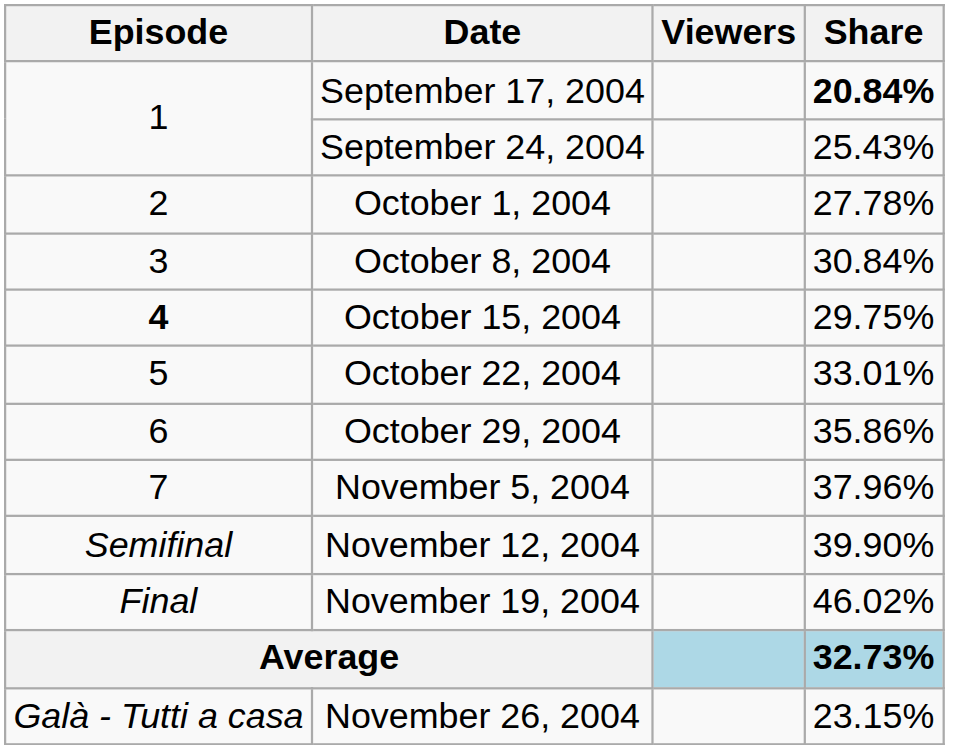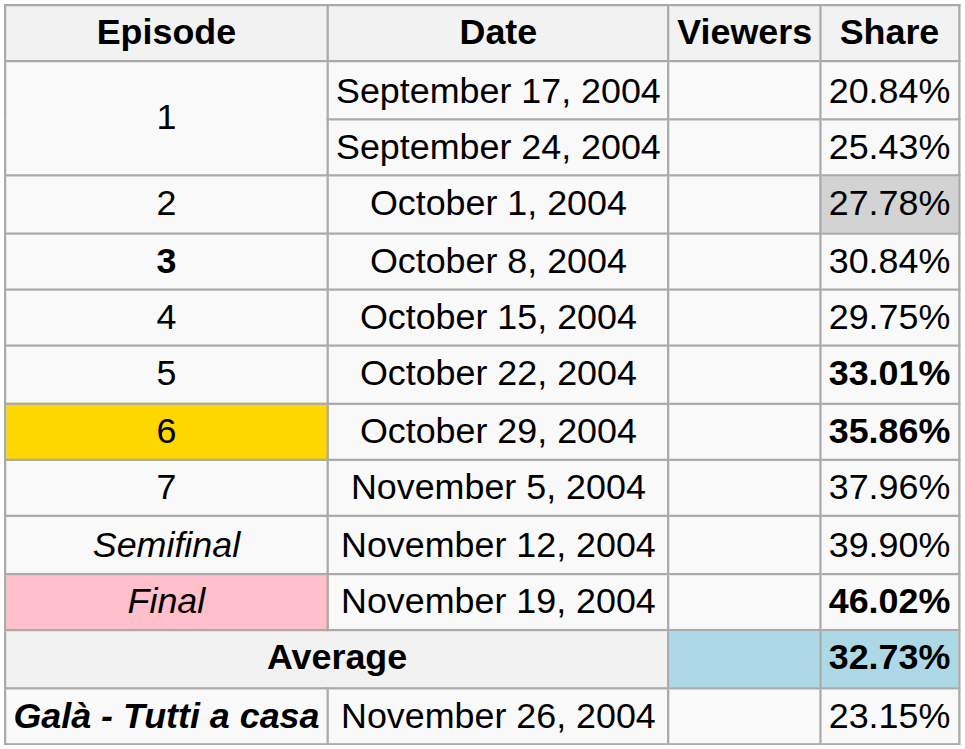 <table class="wikitable" style="text-align:center;">
 <tr>
 <th>Episode</th>
 <th>Date</th>
 <th>Viewers</th>
 <th>Share</th>
 </tr>
 <tr>
 <td rowspan="2">1</td>
 <td>September 17, 2004</td>
 <td></td>
-<td><strong>20.84%</strong></td>
+<td>20.84%</td>
 </tr>
 <tr>
 <td>September 24, 2004</td>
 <td></td>
 <td>25.43%</td>
 </tr>
 <tr>
 <td>2</td>
 <td>October 1, 2004</td>
 <td></td>
-<td>27.78%</td>
+<td style="background: lightgrey;">27.78%</td>
 </tr>
 <tr>
-<td>3</td>
+<td><strong>3</strong></td>
 <td>October 8, 2004</td>
 <td></td>
 <td>30.84%</td>
 </tr>
 <tr>
-<td><strong>4</strong></td>
+<td>4</td>
 <td>October 15, 2004</td>
 <td></td>
 <td>29.75%</td>
 </tr>
 <tr>
 <td>5</td>
 <td>October 22, 2004</td>
 <td></td>
-<td>33.01%</td>
+<td><strong>33.01%</strong></td>
 </tr>
 <tr>
-<td>6</td>
+<td style="background: gold;">6</td>
 <td>October 29, 2004</td>
 <td></td>
-<td>35.86%</td>
+<td><strong>35.86%</strong></td>
 </tr>
 <tr>
 <td>7</td>
 <td>November 5, 2004</td>
 <td></td>
 <td>37.96%</td>
 </tr>
 <tr>
 <td><em>Semifinal</em></td>
 <td>November 12, 2004</td>
 <td></td>
 <td>39.90%</td>
 </tr>
 <tr>
-<td><em>Final</em></td>
+<td style="background: pink;"><em>Final</em></td>
 <td>November 19, 2004</td>
 <td></td>
-<td>46.02%</td>
+<td><strong>46.02%</strong></td>
 </tr>
 <tr>
 <th colspan="2">Average</th>
 <th style="background:lightblue"><strong></strong></th>
 <th style="background:lightblue"><strong>32.73%</strong></th>
 </tr>
 <tr>
-<td><em>Galà - Tutti a casa</em></td>
+<td><strong><em>Galà - Tutti a casa</em></strong></td>
 <td>November 26, 2004</td>
 <td></td>
 <td>23.15%</td>
 </tr>
 </table>
